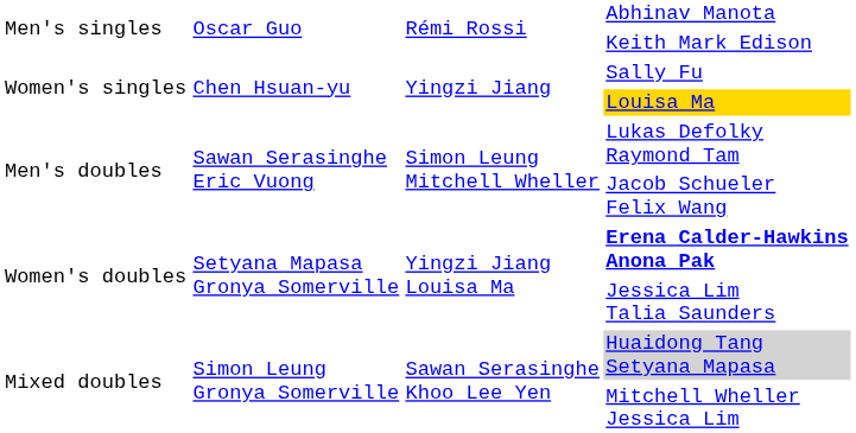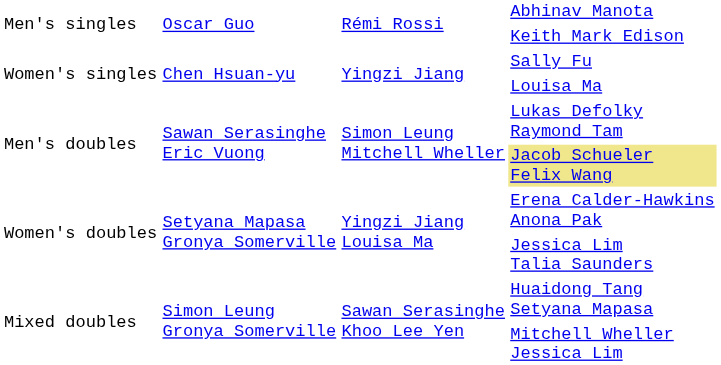 <table>
 <tr>
 <td rowspan="2">Men's singles</td>
 <td rowspan="2"> <a href='#'>Oscar Guo</a></td>
 <td rowspan="2"> <a href='#'>Rémi Rossi</a></td>
 <td> <a href='#'>Abhinav Manota</a></td>
 </tr>
 <tr>
 <td> <a href='#'>Keith Mark Edison</a></td>
 </tr>
 <tr>
 <td rowspan="2">Women's singles</td>
 <td rowspan="2"> <a href='#'>Chen Hsuan-yu</a></td>
 <td rowspan="2"> <a href='#'>Yingzi Jiang</a></td>
 <td> <a href='#'>Sally Fu</a></td>
 </tr>
 <tr>
-<td style="background: gold;"> <a href='#'>Louisa Ma</a></td>
+<td> <a href='#'>Louisa Ma</a></td>
 </tr>
 <tr>
 <td rowspan="2">Men's doubles</td>
 <td rowspan="2"> <a href='#'>Sawan Serasinghe</a><br> <a href='#'>Eric Vuong</a></td>
 <td rowspan="2"> <a href='#'>Simon Leung</a><br> <a href='#'>Mitchell Wheller</a></td>
 <td> <a href='#'>Lukas Defolky</a><br> <a href='#'>Raymond Tam</a></td>
 </tr>
 <tr>
-<td> <a href='#'>Jacob Schueler</a><br> <a href='#'>Felix Wang</a></td>
+<td style="background: khaki;"> <a href='#'>Jacob Schueler</a><br> <a href='#'>Felix Wang</a></td>
 </tr>
 <tr>
 <td rowspan="2">Women's doubles</td>
 <td rowspan="2"> <a href='#'>Setyana Mapasa</a><br> <a href='#'>Gronya Somerville</a></td>
 <td rowspan="2"> <a href='#'>Yingzi Jiang</a><br> <a href='#'>Louisa Ma</a></td>
-<td><strong> <a href='#'>Erena Calder-Hawkins</a><br> <a href='#'>Anona Pak</a></strong></td>
+<td> <a href='#'>Erena Calder-Hawkins</a><br> <a href='#'>Anona Pak</a></td>
 </tr>
 <tr>
 <td> <a href='#'>Jessica Lim</a><br> <a href='#'>Talia Saunders</a></td>
 </tr>
 <tr>
 <td rowspan="2">Mixed doubles</td>
 <td rowspan="2"> <a href='#'>Simon Leung</a><br> <a href='#'>Gronya Somerville</a></td>
 <td rowspan="2"> <a href='#'>Sawan Serasinghe</a><br> <a href='#'>Khoo Lee Yen</a></td>
-<td style="background: lightgrey;"> <a href='#'>Huaidong Tang</a><br> <a href='#'>Setyana Mapasa</a></td>
+<td> <a href='#'>Huaidong Tang</a><br> <a href='#'>Setyana Mapasa</a></td>
 </tr>
 <tr>
 <td> <a href='#'>Mitchell Wheller</a><br> <a href='#'>Jessica Lim</a></td>
 </tr>
 </table>
